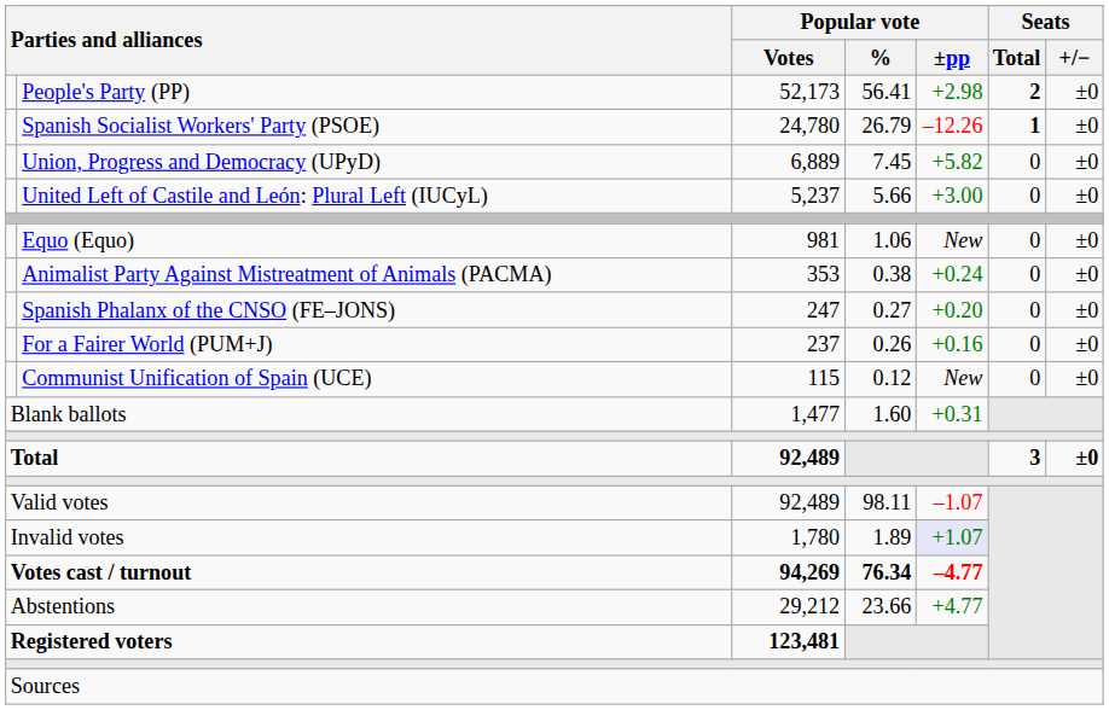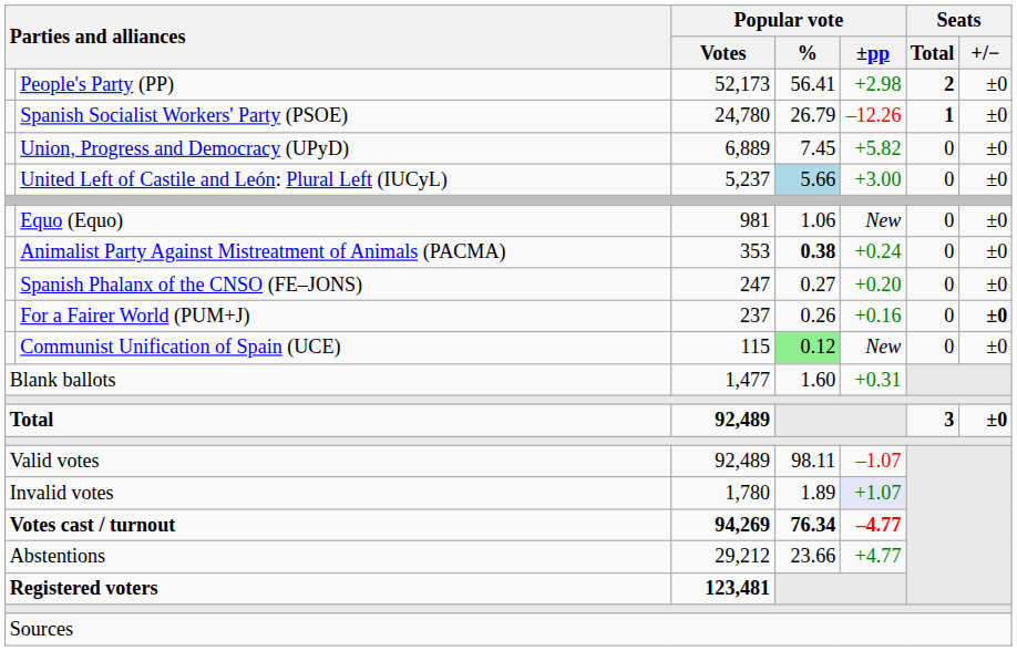 <table class="wikitable" style="text-align:right;">
 <tr>
 <th style="text-align:left;" rowspan="2" colspan="2" width="525">Parties and alliances</th>
 <th colspan="3">Popular vote</th>
 <th colspan="2">Seats</th>
 </tr>
 <tr>
 <th width="75">Votes</th>
 <th width="45">%</th>
 <th width="45">±<a href='#'>pp</a></th>
 <th width="35">Total</th>
 <th width="35">+/−</th>
 </tr>
 <tr>
 <td width="1" style="color:inherit;background:"></td>
 <td align="left"><a href='#'>People's Party</a> (PP)</td>
 <td>52,173</td>
 <td>56.41</td>
 <td style="color:green;">+2.98</td>
 <td><strong>2</strong></td>
 <td>±0</td>
 </tr>
 <tr>
 <td style="color:inherit;background:"></td>
 <td align="left"><a href='#'>Spanish Socialist Workers' Party</a> (PSOE)</td>
 <td>24,780</td>
 <td>26.79</td>
 <td style="color:red;">–12.26</td>
 <td><strong>1</strong></td>
 <td>±0</td>
 </tr>
 <tr>
 <td style="color:inherit;background:"></td>
 <td align="left"><a href='#'>Union, Progress and Democracy</a> (UPyD)</td>
 <td>6,889</td>
 <td>7.45</td>
 <td style="color:green;">+5.82</td>
 <td>0</td>
 <td>±0</td>
 </tr>
 <tr>
 <td style="color:inherit;background:"></td>
 <td align="left"><a href='#'>United Left of Castile and León</a>: <a href='#'>Plural Left</a> (IUCyL)</td>
 <td>5,237</td>
-<td>5.66</td>
+<td style="background: lightblue;">5.66</td>
 <td style="color:green;">+3.00</td>
 <td>0</td>
 <td>±0</td>
 </tr>
 <tr>
 <td colspan="7" bgcolor="#C0C0C0"></td>
 </tr>
 <tr>
 <td style="color:inherit;background:"></td>
 <td align="left"><a href='#'>Equo</a> (Equo)</td>
 <td>981</td>
 <td>1.06</td>
 <td><em>New</em></td>
 <td>0</td>
 <td>±0</td>
 </tr>
 <tr>
 <td style="color:inherit;background:"></td>
 <td align="left"><a href='#'>Animalist Party Against Mistreatment of Animals</a> (PACMA)</td>
 <td>353</td>
-<td>0.38</td>
+<td><strong>0.38</strong></td>
 <td style="color:green;">+0.24</td>
 <td>0</td>
 <td>±0</td>
 </tr>
 <tr>
 <td style="color:inherit;background:"></td>
 <td align="left"><a href='#'>Spanish Phalanx of the CNSO</a> (FE–JONS)</td>
 <td>247</td>
 <td>0.27</td>
 <td style="color:green;">+0.20</td>
 <td>0</td>
 <td>±0</td>
 </tr>
 <tr>
 <td style="color:inherit;background:"></td>
 <td align="left"><a href='#'>For a Fairer World</a> (PUM+J)</td>
 <td>237</td>
 <td>0.26</td>
 <td style="color:green;">+0.16</td>
 <td>0</td>
-<td>±0</td>
+<td><strong>±0</strong></td>
 </tr>
 <tr>
 <td style="color:inherit;background:"></td>
 <td align="left"><a href='#'>Communist Unification of Spain</a> (UCE)</td>
 <td>115</td>
-<td>0.12</td>
+<td style="background: lightgreen;">0.12</td>
 <td><em>New</em></td>
 <td>0</td>
 <td>±0</td>
 </tr>
 <tr>
 <td align="left" colspan="2">Blank ballots</td>
 <td>1,477</td>
 <td>1.60</td>
 <td style="color:green;">+0.31</td>
 <td bgcolor="#E9E9E9" colspan="2"></td>
 </tr>
 <tr>
 <td colspan="7" bgcolor="#E9E9E9"></td>
 </tr>
 <tr style="font-weight:bold;">
 <td align="left" colspan="2">Total</td>
 <td>92,489</td>
 <td bgcolor="#E9E9E9" colspan="2"></td>
 <td>3</td>
 <td>±0</td>
 </tr>
 <tr>
 <td colspan="7" bgcolor="#E9E9E9"></td>
 </tr>
 <tr>
 <td align="left" colspan="2">Valid votes</td>
 <td>92,489</td>
 <td>98.11</td>
 <td style="color:red;">–1.07</td>
 <td bgcolor="#E9E9E9" colspan="2" rowspan="5"></td>
 </tr>
 <tr>
 <td align="left" colspan="2">Invalid votes</td>
 <td>1,780</td>
 <td>1.89</td>
 <td style="background: lavender; color:green;">+1.07</td>
 </tr>
 <tr style="font-weight:bold;">
 <td align="left" colspan="2">Votes cast / turnout</td>
 <td>94,269</td>
 <td>76.34</td>
 <td style="color:red;">–4.77</td>
 </tr>
 <tr>
 <td align="left" colspan="2">Abstentions</td>
 <td>29,212</td>
 <td>23.66</td>
 <td style="color:green;">+4.77</td>
 </tr>
 <tr style="font-weight:bold;">
 <td align="left" colspan="2">Registered voters</td>
 <td>123,481</td>
 <td bgcolor="#E9E9E9" colspan="2"></td>
 </tr>
 <tr>
 <td colspan="7" bgcolor="#E9E9E9"></td>
 </tr>
 <tr>
 <td align="left" colspan="7">Sources</td>
 </tr>
 </table>
